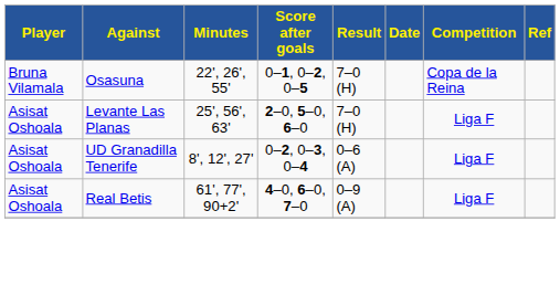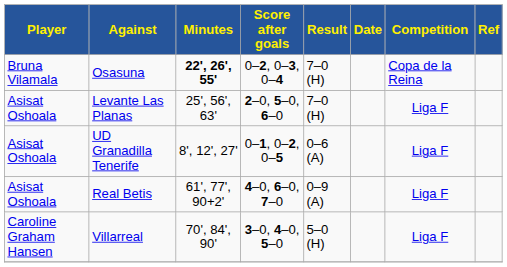 <table class="wikitable">
 <tr>
 <th style="background:#26559B; color:#FFF000; ">Player</th>
 <th style="background:#26559B; color:#FFF000; ">Against</th>
 <th style="background:#26559B; color:#FFF000; text-align:center; ">Minutes</th>
 <th style="background:#26559B; color:#FFF000; text-align:center; ">Score after goals</th>
 <th style="background:#26559B; color:#FFF000; text-align:center; ">Result</th>
 <th style="background:#26559B; color:#FFF000; ">Date</th>
 <th style="background:#26559B; color:#FFF000; text-align:center; ">Competition</th>
 <th style="background:#26559B; color:#FFF000; ">Ref</th>
 </tr>
 <tr>
 <td> <a href='#'>Bruna Vilamala</a></td>
 <td> <a href='#'>Osasuna</a></td>
-<td style="text-align:center">22', 26', 55'</td>
-<td style="text-align:center">0–<strong>1</strong>, 0–<strong>2</strong>, 0–<strong>5</strong></td>
+<td style="text-align:center"><strong>22', 26', 55'</strong></td>
+<td style="text-align:center">0–<strong>2</strong>, 0–<strong>3</strong>, 0–<strong>4</strong></td>
 <td>7–0 (H)</td>
 <td></td>
 <td><a href='#'>Copa de la Reina</a></td>
 <td style="text-align:center"></td>
 </tr>
 <tr>
 <td> <a href='#'>Asisat Oshoala</a></td>
 <td> <a href='#'>Levante Las Planas</a></td>
 <td style="text-align:center">25', 56', 63'</td>
 <td style="text-align:center"><strong>2</strong>–0, <strong>5</strong>–0, <strong>6</strong>–0</td>
 <td>7–0 (H)</td>
 <td></td>
 <td style="text-align:center"><a href='#'>Liga F</a></td>
 <td style="text-align:center"></td>
 </tr>
 <tr>
 <td> <a href='#'>Asisat Oshoala</a></td>
 <td> <a href='#'>UD Granadilla Tenerife</a></td>
 <td style="text-align:center">8', 12', 27'</td>
-<td style="text-align:center">0–<strong>2</strong>, 0–<strong>3</strong>, 0–<strong>4</strong></td>
+<td style="text-align:center">0–<strong>1</strong>, 0–<strong>2</strong>, 0–<strong>5</strong></td>
 <td>0–6 (A)</td>
 <td></td>
 <td style="text-align:center"><a href='#'>Liga F</a></td>
 <td style="text-align:center"></td>
 </tr>
 <tr>
 <td> <a href='#'>Asisat Oshoala</a></td>
 <td> <a href='#'>Real Betis</a></td>
 <td style="text-align:center">61', 77', 90+2'</td>
 <td style="text-align:center"><strong>4</strong>–0, <strong>6</strong>–0, <strong>7</strong>–0</td>
 <td>0–9 (A)</td>
 <td></td>
 <td style="text-align:center"><a href='#'>Liga F</a></td>
 <td style="text-align:center"></td>
 </tr>
 <tr>
+<td> <a href='#'>Caroline Graham Hansen</a></td>
+<td> <a href='#'>Villarreal</a></td>
+<td style="text-align:center">70', 84', 90'</td>
+<td style="text-align:center"><strong>3</strong>–0, <strong>4</strong>–0, <strong>5</strong>–0</td>
+<td>5–0 (H)</td>
+<td style="text-align:center"></td>
+<td style="text-align:center"><a href='#'>Liga F</a></td>
+<td style="text-align:center"></td>
+</tr>
+<tr>
 </tr>
 </table>
